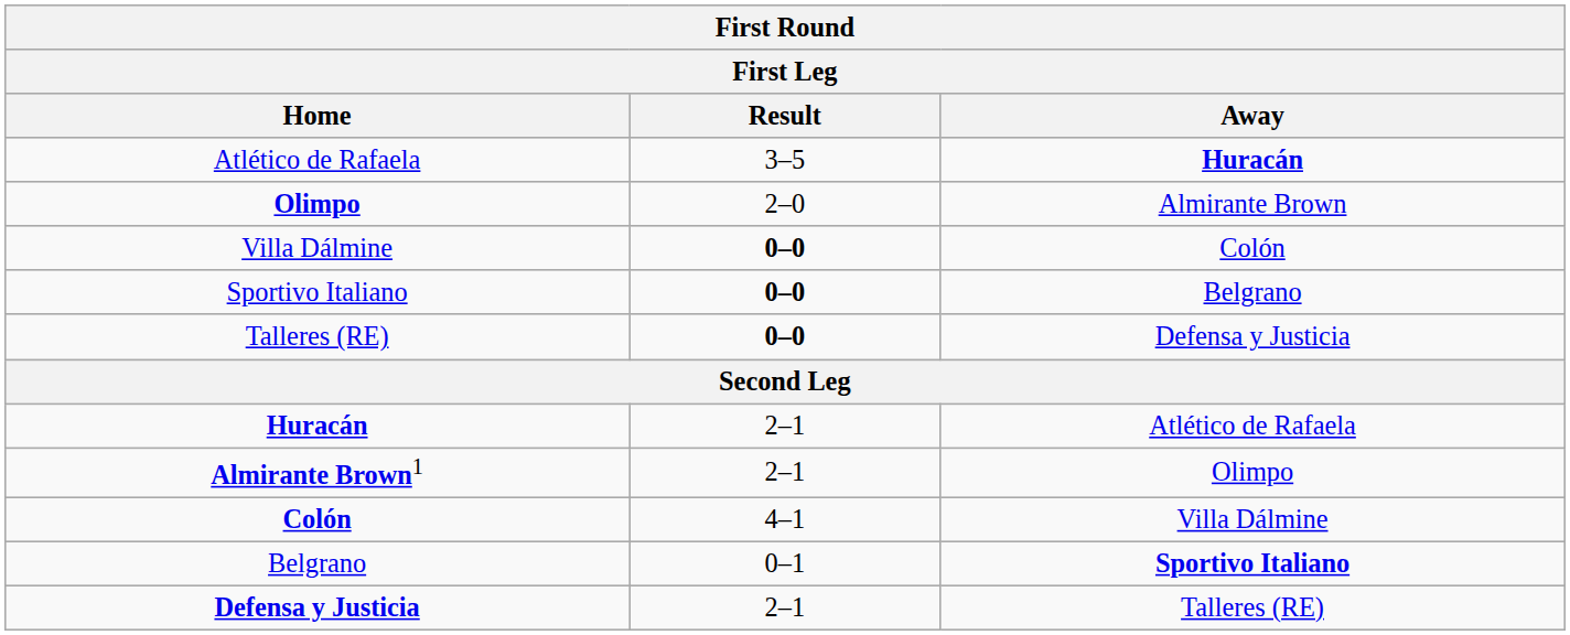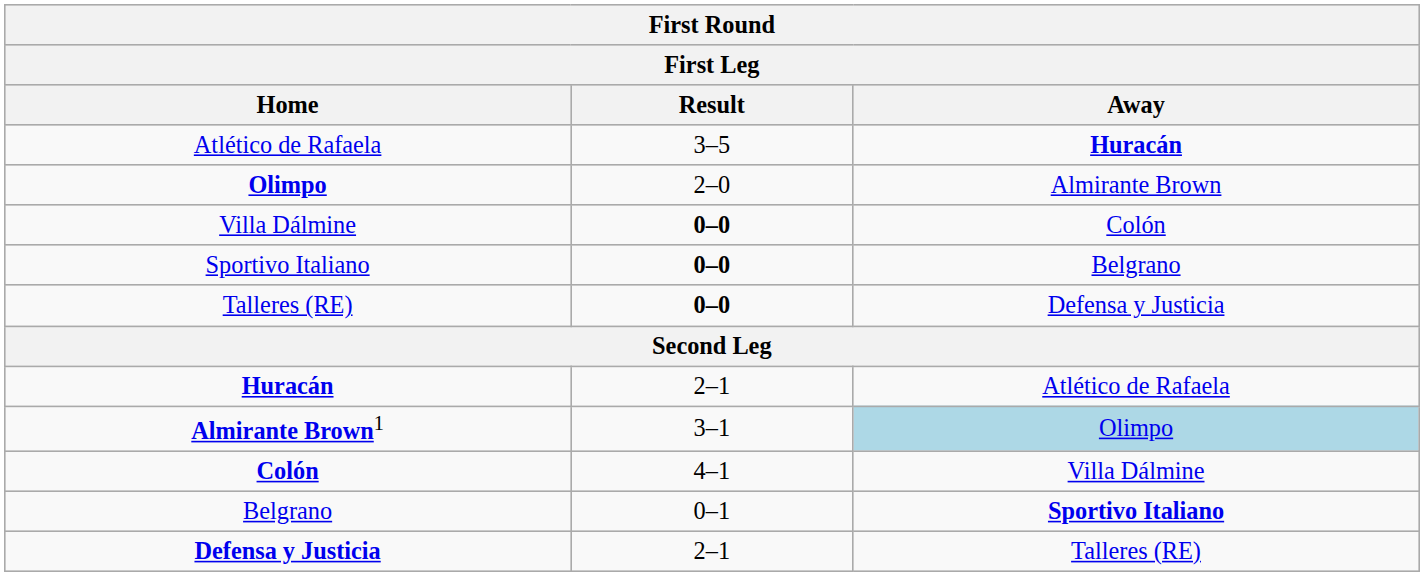 <table align=center class="wikitable collapsible collapsed" style="font-size:95%; text-align: center; width: 70%;">
 <tr>
 <th colspan=100% style="with: 100%;" align=center>First Round</th>
 </tr>
 <tr>
 <th colspan=100% style="with: 75%;" align=center>First Leg</th>
 </tr>
 <tr>
 <th width=30%>Home</th>
 <th width=15%>Result</th>
 <th width=30%>Away</th>
 </tr>
 <tr align=center>
 <td><a href='#'>Atlético de Rafaela</a></td>
 <td>3–5</td>
 <td><strong><a href='#'>Huracán</a></strong></td>
 </tr>
 <tr align=center>
 <td><strong><a href='#'>Olimpo</a></strong></td>
 <td>2–0</td>
 <td><a href='#'>Almirante Brown</a></td>
 </tr>
 <tr align=center>
 <td><a href='#'>Villa Dálmine</a></td>
 <td><strong>0–0</strong></td>
 <td><a href='#'>Colón</a></td>
 </tr>
 <tr align=center>
 <td><a href='#'>Sportivo Italiano</a></td>
 <td><strong>0–0</strong></td>
 <td><a href='#'>Belgrano</a></td>
 </tr>
 <tr align=center>
 <td><a href='#'>Talleres (RE)</a></td>
 <td><strong>0–0</strong></td>
 <td><a href='#'>Defensa y Justicia</a></td>
 </tr>
 <tr>
 <th colspan=100% style="with: 75%;" align=center>Second Leg</th>
 </tr>
 <tr align=center>
 <td><strong><a href='#'>Huracán</a></strong></td>
 <td>2–1</td>
 <td><a href='#'>Atlético de Rafaela</a></td>
 </tr>
 <tr align=center>
 <td><strong><a href='#'>Almirante Brown</a></strong><sup>1</sup></td>
-<td>2–1</td>
-<td><a href='#'>Olimpo</a></td>
+<td>3–1</td>
+<td style="background: lightblue;"><a href='#'>Olimpo</a></td>
 </tr>
 <tr align=center>
 <td><strong><a href='#'>Colón</a></strong></td>
 <td>4–1</td>
 <td><a href='#'>Villa Dálmine</a></td>
 </tr>
 <tr align=center>
 <td><a href='#'>Belgrano</a></td>
 <td>0–1</td>
 <td><strong><a href='#'>Sportivo Italiano</a></strong></td>
 </tr>
 <tr align=center>
 <td><strong> <a href='#'>Defensa y Justicia</a></strong></td>
 <td>2–1</td>
 <td><a href='#'>Talleres (RE)</a></td>
 </tr>
 </table>
